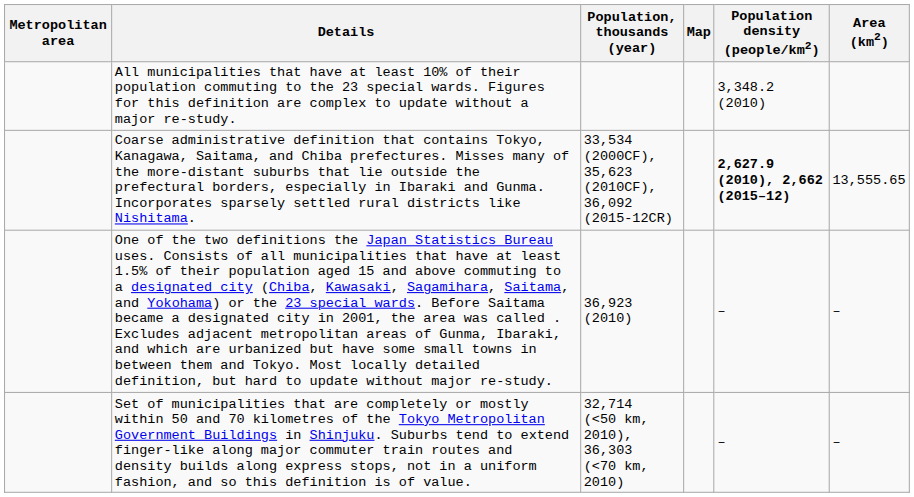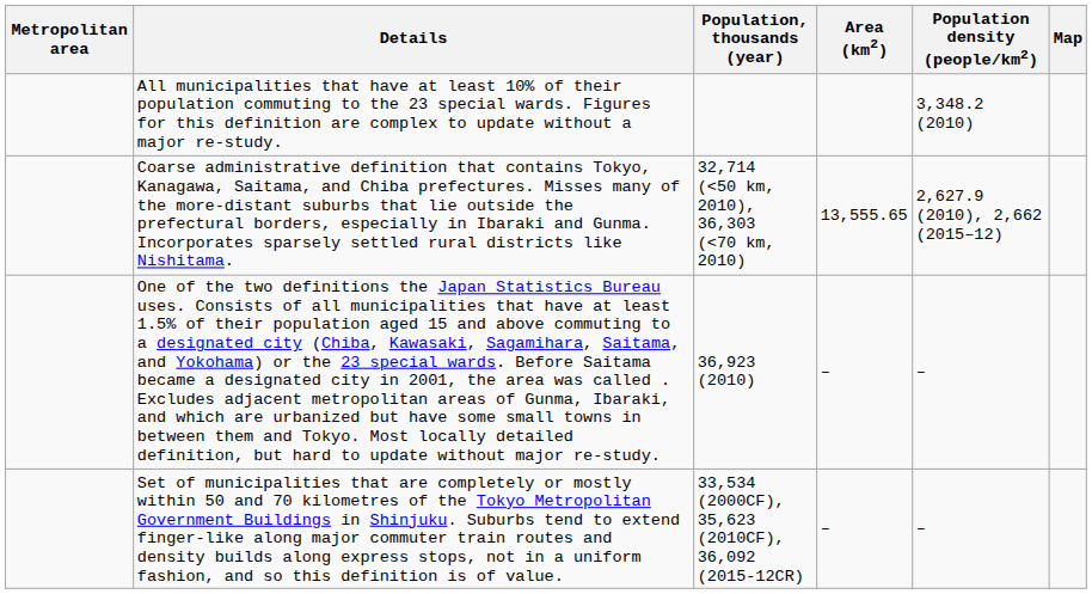 <table class="wikitable">
 <tr>
 <th>Metropolitan area</th>
 <th>Details</th>
 <th>Population, thousands<br>(year)</th>
+<th>Area (km<sup>2</sup>)</th>
+<th>Population density (people/km<sup>2</sup>)</th>
 <th>Map</th>
-<th>Population density (people/km<sup>2</sup>)</th>
-<th>Area (km<sup>2</sup>)</th>
 </tr>
 <tr>
 <td><strong></strong></td>
 <td>All municipalities that have at least 10% of their population commuting to the 23 special wards.  Figures for this definition are complex to update without a major re-study.</td>
 <td></td>
 <td></td>
 <td>3,348.2 (2010)</td>
 <td></td>
 </tr>
 <tr>
 <td><strong></strong></td>
 <td>Coarse administrative definition that contains Tokyo, Kanagawa, Saitama, and Chiba prefectures. Misses many of the more-distant suburbs that lie outside the prefectural borders, especially in Ibaraki and Gunma. Incorporates sparsely settled rural districts like <a href='#'>Nishitama</a>.</td>
-<td>33,534 (2000CF),<br>35,623 (2010CF),<br>36,092 (2015-12CR)</td>
+<td>32,714 (<50 km, 2010),<br> 36,303 (<70 km, 2010)</td>
+<td>13,555.65</td>
+<td>2,627.9 (2010), 2,662 (2015–12)</td>
 <td></td>
-<td><strong>2,627.9 (2010), 2,662 (2015–12)</strong></td>
-<td>13,555.65</td>
 </tr>
 <tr>
 <td><strong></strong></td>
 <td>One of the two definitions the <a href='#'>Japan Statistics Bureau</a> uses. Consists of all municipalities that have at least 1.5% of their population aged 15 and above commuting to a <a href='#'>designated city</a> (<a href='#'>Chiba</a>, <a href='#'>Kawasaki</a>, <a href='#'>Sagamihara</a>, <a href='#'>Saitama</a>, and <a href='#'>Yokohama</a>) or the <a href='#'>23 special wards</a>. Before Saitama became a designated city in 2001, the area was called <em></em>. Excludes adjacent metropolitan areas of Gunma, Ibaraki, and  which are urbanized but have some small towns in between them and Tokyo. Most locally detailed definition, but hard to update without major re-study.</td>
 <td>36,923 (2010)</td>
-<td></td>
 <td>–</td>
 <td>–</td>
+<td></td>
 </tr>
 <tr>
 <td><strong></strong></td>
 <td>Set of municipalities that are completely or mostly within 50 and 70 kilometres of the <a href='#'>Tokyo Metropolitan Government Buildings</a> in <a href='#'>Shinjuku</a>. Suburbs tend to extend finger-like along major commuter train routes and density builds along express stops, not in a uniform fashion, and so this definition is of value.</td>
-<td>32,714 (<50 km, 2010),<br> 36,303 (<70 km, 2010)</td>
-<td></td>
+<td>33,534 (2000CF),<br>35,623 (2010CF),<br>36,092 (2015-12CR)</td>
 <td>–</td>
 <td>–</td>
+<td></td>
 </tr>
 </table>
